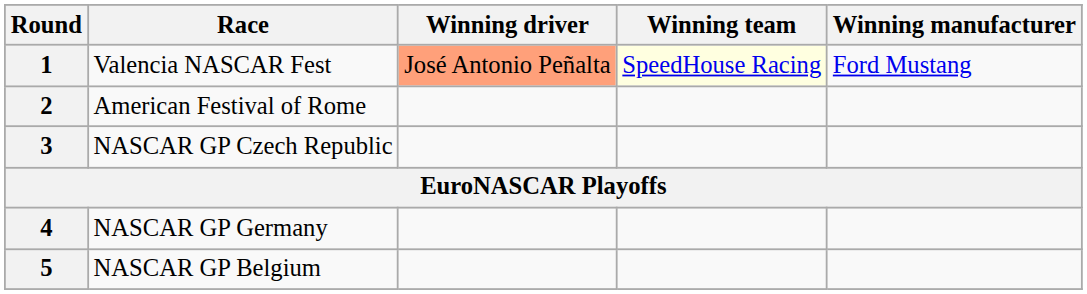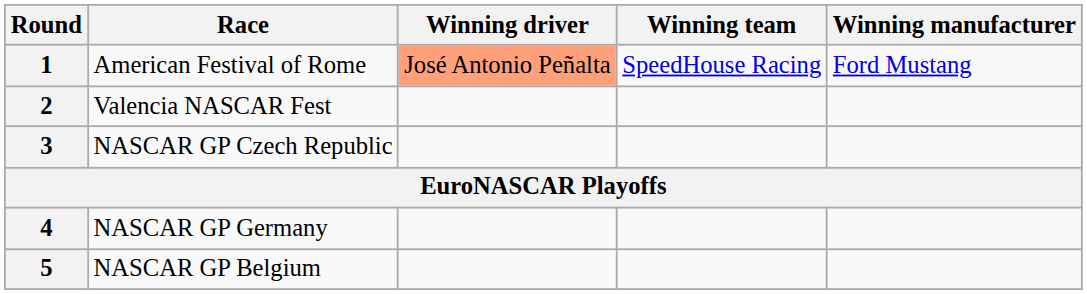 <table class="wikitable" style="font-size:85%;">
 <tr>
 <th>Round</th>
 <th>Race</th>
 <th>Winning driver</th>
 <th>Winning team</th>
 <th>Winning manufacturer</th>
 </tr>
 <tr>
 <th>1</th>
-<td>Valencia NASCAR Fest</td>
+<td>American Festival of Rome</td>
 <td style="background: lightsalmon;"> José Antonio Peñalta</td>
-<td style="background: lightyellow;"> <a href='#'>SpeedHouse Racing</a></td>
+<td> <a href='#'>SpeedHouse Racing</a></td>
 <td><a href='#'>Ford Mustang</a></td>
 </tr>
 <tr>
 <th>2</th>
-<td>American Festival of Rome</td>
+<td>Valencia NASCAR Fest</td>
 <td></td>
 <td></td>
 <td></td>
 </tr>
 <tr>
 <th>3</th>
 <td>NASCAR GP Czech Republic</td>
 <td></td>
 <td></td>
 <td></td>
 </tr>
 <tr>
 <th colspan="5">EuroNASCAR Playoffs</th>
 </tr>
 <tr>
 <th>4</th>
 <td>NASCAR GP Germany</td>
 <td></td>
 <td></td>
 <td></td>
 </tr>
 <tr>
 <th>5</th>
 <td>NASCAR GP Belgium</td>
 <td></td>
 <td></td>
 <td></td>
 </tr>
 </table>
